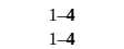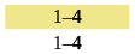 <table style="text-align:center">
 <tr>
 <th width=223></th>
 <th width=100></th>
 <th width=223></th>
 </tr>
 <tr>
 <td align=right><small><span></span></small> </td>
-<td>1–<strong>4</strong></td>
+<td style="background: khaki;">1–<strong>4</strong></td>
 <td align=left><strong></strong><small><span></span></small></td>
 </tr>
 <tr>
 <td align=right><small><span></span></small> </td>
 <td>1–<strong>4</strong></td>
 <td align=left><strong></strong> <small><span></span></small></td>
 </tr>
 </table>
